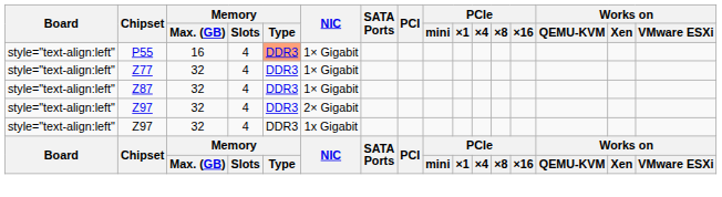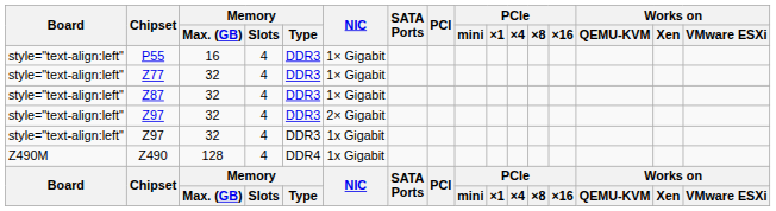 <table class="wikitable" style="font-size: 85%; text-align: center">
 <tr>
 <th rowspan=2>Board</th>
 <th rowspan=2>Chipset</th>
 <th colspan=3>Memory</th>
 <th rowspan=2><a href='#'>NIC</a></th>
 <th rowspan=2>SATA<br>Ports</th>
 <th rowspan=2>PCI</th>
 <th colspan=5>PCIe</th>
 <th colspan=3 style="text-align:center">Works on</th>
 </tr>
 <tr>
 <th>Max. (<a href='#'>GB</a>)</th>
 <th>Slots</th>
 <th>Type</th>
 <th>mini</th>
 <th>×1</th>
 <th>×4</th>
 <th>×8</th>
 <th>×16</th>
 <th>QEMU-KVM</th>
 <th>Xen</th>
 <th>VMware ESXi</th>
 </tr>
 <tr>
 <td>style="text-align:left" </td>
 <td><a href='#'>P55</a></td>
 <td>16</td>
 <td>4</td>
-<td style="background: lightsalmon;"><a href='#'>DDR3</a></td>
+<td><a href='#'>DDR3</a></td>
 <td>1× Gigabit</td>
 <td></td>
 <td></td>
 <td></td>
 <td></td>
 <td></td>
 <td></td>
 <td></td>
 <td></td>
 <td></td>
 <td></td>
 </tr>
 <tr>
 <td>style="text-align:left" </td>
 <td><a href='#'>Z77</a></td>
 <td>32</td>
 <td>4</td>
 <td><a href='#'>DDR3</a></td>
 <td>1× Gigabit</td>
 <td></td>
 <td></td>
 <td></td>
 <td></td>
 <td></td>
 <td></td>
 <td></td>
 <td></td>
 <td></td>
 <td></td>
 </tr>
 <tr>
 <td>style="text-align:left" </td>
 <td><a href='#'>Z87</a></td>
 <td>32</td>
 <td>4</td>
 <td><a href='#'>DDR3</a></td>
 <td>1× Gigabit</td>
 <td></td>
 <td></td>
 <td></td>
 <td></td>
 <td></td>
 <td></td>
 <td></td>
 <td></td>
 <td></td>
 <td></td>
 </tr>
 <tr>
 <td>style="text-align:left" </td>
 <td><a href='#'>Z97</a></td>
 <td>32</td>
 <td>4</td>
 <td><a href='#'>DDR3</a></td>
 <td>2× Gigabit</td>
 <td></td>
 <td></td>
 <td></td>
 <td></td>
 <td></td>
 <td></td>
 <td></td>
 <td></td>
 <td></td>
 <td></td>
 </tr>
 <tr>
 <td>style="text-align:left" </td>
 <td>Z97</td>
 <td>32</td>
 <td>4</td>
 <td>DDR3</td>
 <td>1x Gigabit</td>
 <td></td>
 <td></td>
 <td></td>
 <td></td>
 <td></td>
 <td></td>
 <td></td>
 <td></td>
 <td></td>
 <td></td>
 </tr>
 <tr>
+<td style="text-align: left">Z490M</td>
+<td>Z490</td>
+<td>128</td>
+<td>4</td>
+<td>DDR4</td>
+<td>1x Gigabit</td>
+<td></td>
+<td></td>
+<td></td>
+<td></td>
+<td></td>
+<td></td>
+<td></td>
+<td></td>
+<td></td>
+<td></td>
+</tr>
+<tr>
 <th rowspan=2>Board</th>
 <th rowspan=2>Chipset</th>
 <th colspan=3>Memory</th>
 <th rowspan=2><a href='#'>NIC</a></th>
 <th rowspan=2>SATA<br>Ports</th>
 <th rowspan=2>PCI</th>
 <th colspan=5>PCIe</th>
 <th colspan=3 style="text-align:center">Works on</th>
 </tr>
 <tr>
 <th>Max. (<a href='#'>GB</a>)</th>
 <th>Slots</th>
 <th>Type</th>
 <th>mini</th>
 <th>×1</th>
 <th>×4</th>
 <th>×8</th>
 <th>×16</th>
 <th>QEMU-KVM</th>
 <th>Xen</th>
 <th>VMware ESXi</th>
 </tr>
 </table>
